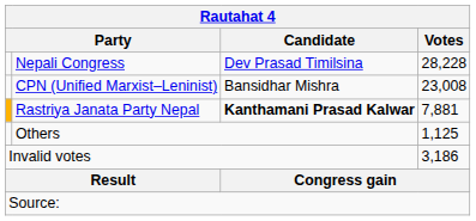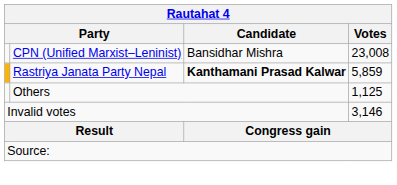 <table class="wikitable">
 <tr>
 <th colspan="4"><a href='#'>Rautahat 4</a></th>
 </tr>
 <tr>
 <th colspan="2">Party</th>
 <th>Candidate</th>
 <th>Votes</th>
 </tr>
 <tr>
 <td style="background-color:"></td>
-<td><a href='#'>Nepali Congress</a></td>
-<td><a href='#'>Dev Prasad Timilsina</a></td>
-<td>28,228</td>
-</tr>
-<tr>
-<td style="background-color:"></td>
 <td><a href='#'>CPN (Unified Marxist–Leninist)</a></td>
 <td>Bansidhar Mishra</td>
 <td>23,008</td>
 </tr>
 <tr>
 <td style="background-color:#ffb300"></td>
 <td><a href='#'>Rastriya Janata Party Nepal</a></td>
 <td><strong>Kanthamani Prasad Kalwar</strong></td>
-<td>7,881</td>
+<td>5,859</td>
 </tr>
 <tr>
 <td></td>
 <td colspan="2">Others</td>
 <td>1,125</td>
 </tr>
 <tr>
 <td colspan="3">Invalid votes</td>
-<td>3,186</td>
+<td>3,146</td>
 </tr>
 <tr>
 <th colspan="2">Result</th>
 <th colspan="2">Congress gain</th>
 </tr>
 <tr>
 <td colspan="4">Source: </td>
 </tr>
 </table>
